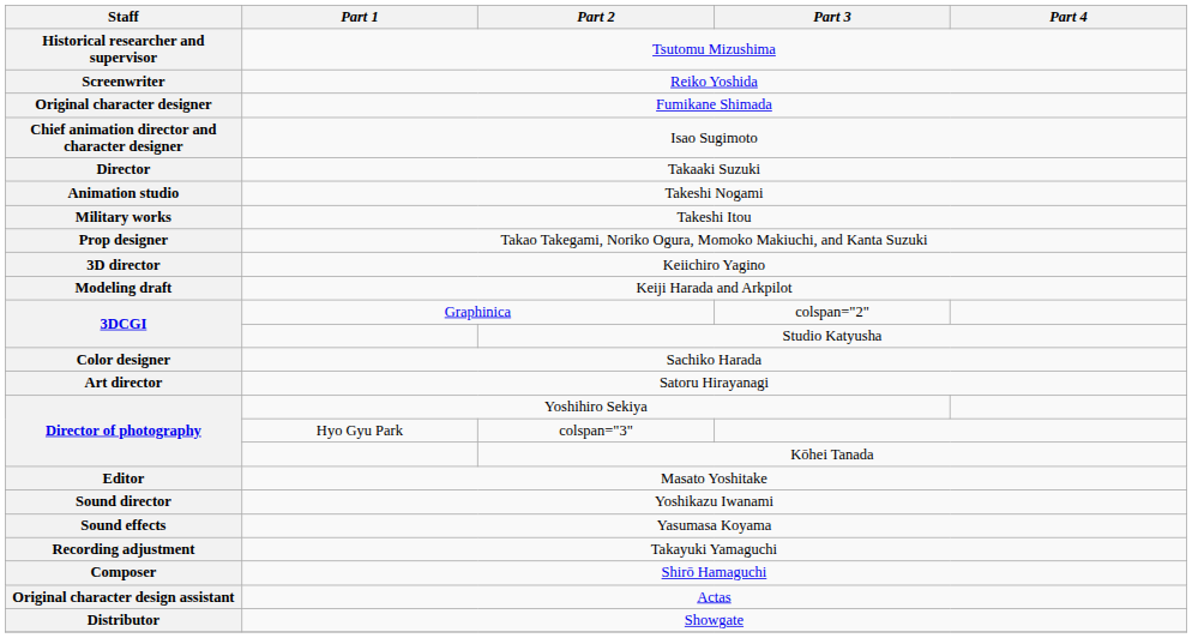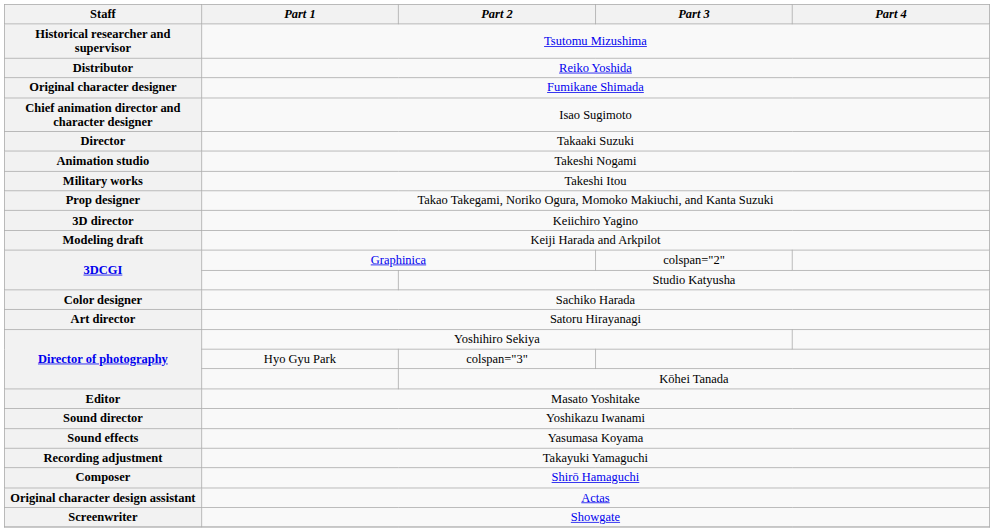 <table class="wikitable" style="text-align:center; width:100%;">
 <tr>
 <th style="width:20%;">Staff</th>
 <th style="width:20%;"><em>Part 1</em></th>
 <th style="width:20%;"><em>Part 2</em></th>
 <th style="width:20%;"><em>Part 3</em></th>
 <th style="width:20%;"><em>Part 4</em></th>
 </tr>
 <tr>
 <th>Historical researcher and supervisor</th>
 <td colspan="4"><a href='#'>Tsutomu Mizushima</a></td>
 </tr>
 <tr>
-<th>Screenwriter</th>
+<th>Distributor</th>
 <td colspan="4"><a href='#'>Reiko Yoshida</a></td>
 </tr>
 <tr>
 <th>Original character designer</th>
 <td colspan="4"><a href='#'>Fumikane Shimada</a></td>
 </tr>
 <tr>
 <th>Chief animation director and character designer</th>
 <td colspan="4">Isao Sugimoto</td>
 </tr>
 <tr>
 <th>Director</th>
 <td colspan="4">Takaaki Suzuki</td>
 </tr>
 <tr>
 <th>Animation studio</th>
 <td colspan="4">Takeshi Nogami</td>
 </tr>
 <tr>
 <th>Military works</th>
 <td colspan="4">Takeshi Itou</td>
 </tr>
 <tr>
 <th>Prop designer</th>
 <td colspan="4">Takao Takegami, Noriko Ogura, Momoko Makiuchi, and Kanta Suzuki</td>
 </tr>
 <tr>
 <th>3D director</th>
 <td colspan="4">Keiichiro Yagino</td>
 </tr>
 <tr>
 <th>Modeling draft</th>
 <td colspan="4">Keiji Harada and Arkpilot</td>
 </tr>
 <tr>
 <th rowspan="2"><a href='#'>3DCGI</a></th>
 <td colspan="2"><a href='#'>Graphinica</a></td>
 <td>colspan="2" </td>
 </tr>
 <tr>
 <td></td>
 <td colspan="3">Studio Katyusha</td>
 </tr>
 <tr>
 <th>Color designer</th>
 <td colspan="4">Sachiko Harada</td>
 </tr>
 <tr>
 <th>Art director</th>
 <td colspan="4">Satoru Hirayanagi</td>
 </tr>
 <tr>
 <th rowspan="3"><a href='#'>Director of photography</a></th>
 <td colspan="3">Yoshihiro Sekiya</td>
 <td></td>
 </tr>
 <tr>
 <td>Hyo Gyu Park</td>
 <td>colspan="3" </td>
 </tr>
 <tr>
 <td></td>
 <td colspan="3">Kōhei Tanada</td>
 </tr>
 <tr>
 <th>Editor</th>
 <td colspan="4">Masato Yoshitake</td>
 </tr>
 <tr>
 <th>Sound director</th>
 <td colspan="4">Yoshikazu Iwanami</td>
 </tr>
 <tr>
 <th>Sound effects</th>
 <td colspan="4">Yasumasa Koyama</td>
 </tr>
 <tr>
 <th>Recording adjustment</th>
 <td colspan="4">Takayuki Yamaguchi</td>
 </tr>
 <tr>
 <th>Composer</th>
 <td colspan="4"><a href='#'>Shirō Hamaguchi</a></td>
 </tr>
 <tr>
 <th>Original character design assistant</th>
 <td colspan="4"><a href='#'>Actas</a></td>
 </tr>
 <tr>
-<th>Distributor</th>
+<th>Screenwriter</th>
 <td colspan="4"><a href='#'>Showgate</a></td>
 </tr>
 <tr>
 </tr>
 </table>
